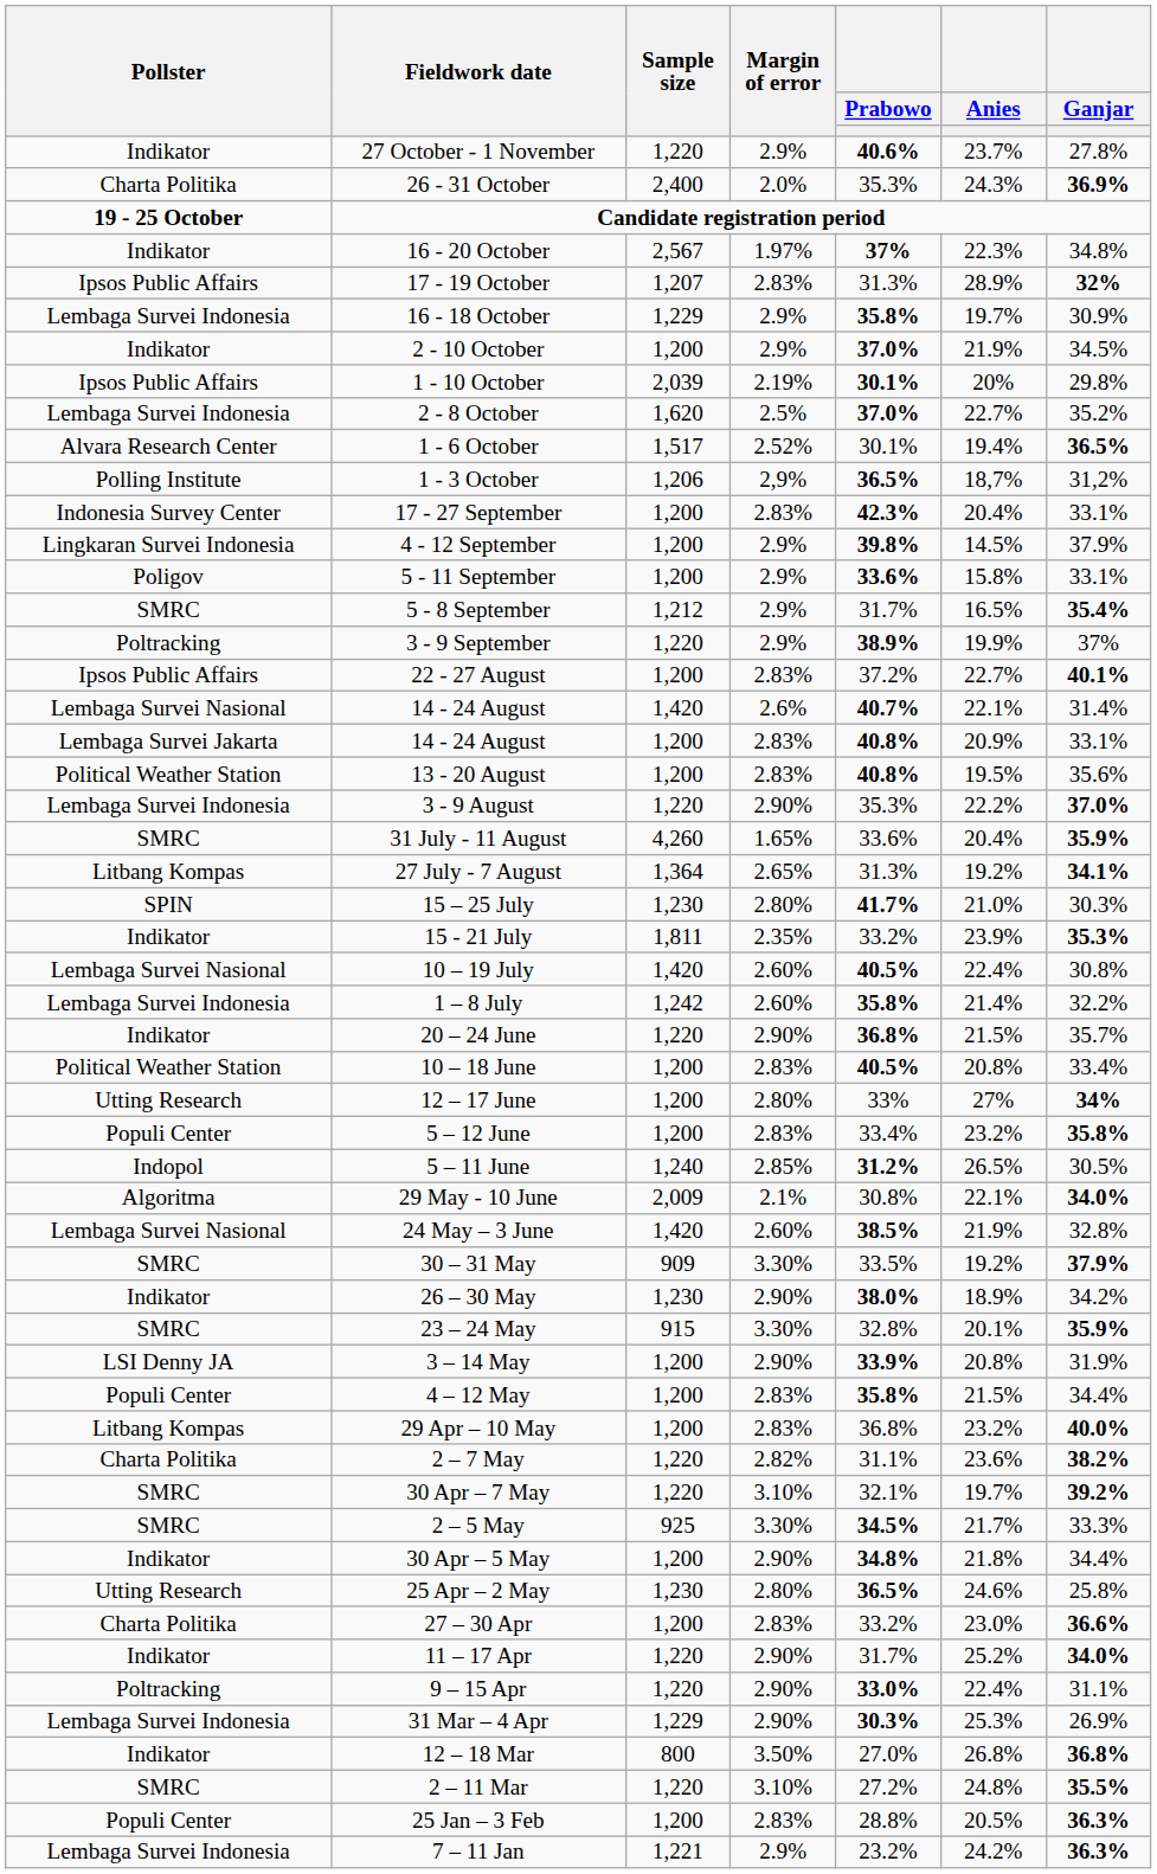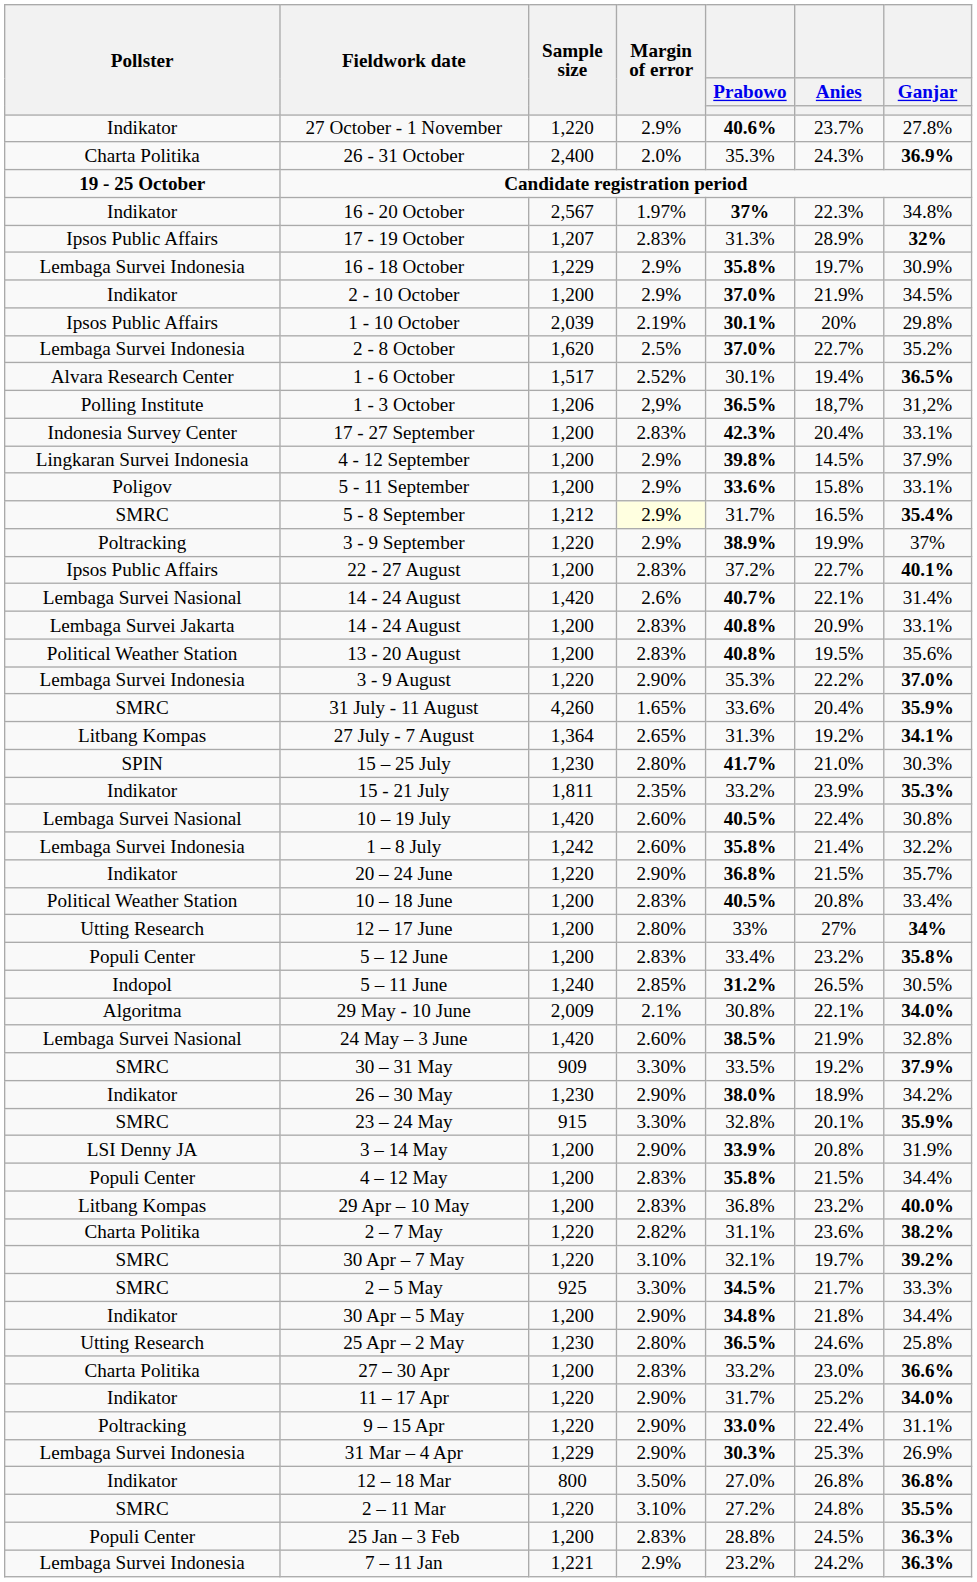 <table class="wikitable" style="text-align:center; font-size:90%; line-height:14px;">
 <tr style="height:55px; background-color:#E9E9E9">
 <th rowspan="3" style="width:200px;">Pollster</th>
 <th rowspan="3" style="width:180px;">Fieldwork date</th>
 <th rowspan="3" style="width:60px;">Sample size</th>
 <th rowspan="3" style="width:60px;">Margin of error</th>
 <th style="width:60px;"></th>
 <th style="width:60px;"></th>
 <th style="width:60px;"></th>
 </tr>
 <tr>
 <th><a href='#'>Prabowo</a> <br></th>
 <th><a href='#'>Anies</a> <br></th>
 <th><a href='#'>Ganjar</a> <br></th>
 </tr>
 <tr>
 <th class="unsortable" style="color:inherit;background:"></th>
 <th class="unsortable" style="color:inherit;background:"></th>
 <th class="unsortable" style="color:inherit;background:"></th>
 </tr>
 <tr>
 <td>Indikator</td>
 <td>27 October - 1 November</td>
 <td>1,220</td>
 <td>2.9%</td>
 <td style="background-color:#"><strong>40.6%</strong> </td>
 <td>23.7% </td>
 <td>27.8% </td>
 </tr>
 <tr>
 <td>Charta Politika</td>
 <td>26 - 31 October</td>
 <td>2,400</td>
 <td>2.0%</td>
 <td>35.3% </td>
 <td>24.3% </td>
 <td style="background-color:#"><strong>36.9%</strong> </td>
 </tr>
 <tr>
 <td><strong>19 - 25 October</strong></td>
 <td colspan="6"><strong>Candidate registration period</strong></td>
 </tr>
 <tr>
 <td>Indikator</td>
 <td>16 - 20 October</td>
 <td>2,567</td>
 <td>1.97%</td>
 <td style="background-color:#"><strong>37%</strong> </td>
 <td>22.3% </td>
 <td>34.8% </td>
 </tr>
 <tr>
 <td>Ipsos Public Affairs</td>
 <td>17 - 19 October</td>
 <td>1,207</td>
 <td>2.83%</td>
 <td>31.3% </td>
 <td>28.9% </td>
 <td style="background-color:#"><strong>32%</strong></td>
 </tr>
 <tr>
 <td>Lembaga Survei Indonesia</td>
 <td>16 - 18 October</td>
 <td>1,229</td>
 <td>2.9%</td>
 <td style="background-color:#"><strong>35.8%</strong> </td>
 <td>19.7% </td>
 <td>30.9% </td>
 </tr>
 <tr>
 <td>Indikator</td>
 <td>2 - 10 October</td>
 <td>1,200</td>
 <td>2.9%</td>
 <td style="background-color:#"><strong>37.0%</strong> </td>
 <td>21.9% </td>
 <td>34.5% </td>
 </tr>
 <tr>
 <td>Ipsos Public Affairs</td>
 <td>1 - 10 October</td>
 <td>2,039</td>
 <td>2.19%</td>
 <td style="background-color:#"><strong>30.1%</strong> </td>
 <td>20% </td>
 <td>29.8% </td>
 </tr>
 <tr>
 <td>Lembaga Survei Indonesia</td>
 <td>2 - 8 October</td>
 <td>1,620</td>
 <td>2.5%</td>
 <td style="background-color:#"><strong>37.0%</strong> </td>
 <td>22.7% </td>
 <td>35.2% </td>
 </tr>
 <tr>
 <td>Alvara Research Center</td>
 <td>1 - 6 October</td>
 <td>1,517</td>
 <td>2.52%</td>
 <td>30.1% </td>
 <td>19.4% </td>
 <td style="background-color:#"><strong>36.5%</strong></td>
 </tr>
 <tr>
 <td>Polling Institute</td>
 <td>1 - 3 October</td>
 <td>1,206</td>
 <td>2,9%</td>
 <td style="background-color:#"><strong>36.5%</strong> </td>
 <td>18,7% </td>
 <td>31,2% </td>
 </tr>
 <tr>
 <td>Indonesia Survey Center</td>
 <td>17 - 27 September</td>
 <td>1,200</td>
 <td>2.83%</td>
 <td style="background-color:#"><strong>42.3%</strong> </td>
 <td>20.4% </td>
 <td>33.1% </td>
 </tr>
 <tr>
 <td>Lingkaran Survei Indonesia</td>
 <td>4 - 12 September</td>
 <td>1,200</td>
 <td>2.9%</td>
 <td style="background-color:#"><strong>39.8%</strong> </td>
 <td>14.5% </td>
 <td>37.9% </td>
 </tr>
 <tr>
 <td>Poligov</td>
 <td>5 - 11 September</td>
 <td>1,200</td>
 <td>2.9%</td>
 <td style="background-color:#"><strong>33.6%</strong> </td>
 <td>15.8% </td>
 <td>33.1% </td>
 </tr>
 <tr>
 <td>SMRC</td>
 <td>5 - 8 September</td>
 <td>1,212</td>
-<td>2.9%</td>
+<td style="background: lightyellow;">2.9%</td>
 <td>31.7% </td>
 <td>16.5% </td>
 <td style="background-color:#"><strong>35.4%</strong> </td>
 </tr>
 <tr>
 <td>Poltracking</td>
 <td>3 - 9 September</td>
 <td>1,220</td>
 <td>2.9%</td>
 <td style="background-color:#"><strong>38.9%</strong> </td>
 <td>19.9% </td>
 <td>37% </td>
 </tr>
 <tr>
 <td>Ipsos Public Affairs</td>
 <td>22 - 27 August</td>
 <td>1,200</td>
 <td>2.83%</td>
 <td>37.2% </td>
 <td>22.7% </td>
 <td style="background-color:#"><strong>40.1%</strong> </td>
 </tr>
 <tr>
 <td>Lembaga Survei Nasional</td>
 <td>14 - 24 August</td>
 <td>1,420</td>
 <td>2.6%</td>
 <td style="background-color:#"><strong>40.7%</strong> </td>
 <td>22.1% </td>
 <td>31.4% </td>
 </tr>
 <tr>
 <td>Lembaga Survei Jakarta</td>
 <td>14 - 24 August</td>
 <td>1,200</td>
 <td>2.83%</td>
 <td style="background-color:#"><strong>40.8%</strong> </td>
 <td>20.9% </td>
 <td>33.1% </td>
 </tr>
 <tr>
 <td>Political Weather Station</td>
 <td>13 - 20 August</td>
 <td>1,200</td>
 <td>2.83%</td>
 <td style="background-color:#"><strong>40.8%</strong> </td>
 <td>19.5% </td>
 <td>35.6% </td>
 </tr>
 <tr>
 <td>Lembaga Survei Indonesia</td>
 <td>3 - 9 August</td>
 <td>1,220</td>
 <td>2.90%</td>
 <td>35.3% </td>
 <td>22.2% </td>
 <td style="background-color:#"><strong>37.0%</strong> </td>
 </tr>
 <tr>
 <td>SMRC</td>
 <td>31 July - 11 August</td>
 <td>4,260</td>
 <td>1.65%</td>
 <td>33.6% </td>
 <td>20.4% </td>
 <td style="background-color:#"><strong>35.9%</strong> </td>
 </tr>
 <tr>
 <td>Litbang Kompas</td>
 <td>27 July - 7 August</td>
 <td>1,364</td>
 <td>2.65%</td>
 <td>31.3% </td>
 <td>19.2% </td>
 <td style="background-color:#"><strong>34.1%</strong> </td>
 </tr>
 <tr>
 <td>SPIN</td>
 <td>15 – 25 July</td>
 <td>1,230</td>
 <td>2.80%</td>
 <td style="background-color:#"><strong>41.7%</strong> </td>
 <td>21.0% </td>
 <td>30.3% </td>
 </tr>
 <tr>
 <td>Indikator</td>
 <td>15 - 21 July</td>
 <td>1,811</td>
 <td>2.35%</td>
 <td>33.2% </td>
 <td>23.9% </td>
 <td style="background-color:#"><strong>35.3%</strong> </td>
 </tr>
 <tr>
 <td>Lembaga Survei Nasional</td>
 <td>10 – 19 July</td>
 <td>1,420</td>
 <td>2.60%</td>
 <td style="background-color:#"><strong>40.5%</strong> </td>
 <td>22.4% </td>
 <td>30.8% </td>
 </tr>
 <tr>
 <td>Lembaga Survei Indonesia</td>
 <td>1 – 8 July</td>
 <td>1,242</td>
 <td>2.60%</td>
 <td style="background-color:#"><strong>35.8%</strong> </td>
 <td>21.4% </td>
 <td>32.2% </td>
 </tr>
 <tr>
 <td>Indikator</td>
 <td>20 – 24 June</td>
 <td>1,220</td>
 <td>2.90%</td>
 <td style="background-color:#"><strong>36.8%</strong></td>
 <td>21.5%</td>
 <td>35.7%</td>
 </tr>
 <tr>
 <td>Political Weather Station</td>
 <td>10 – 18 June</td>
 <td>1,200</td>
 <td>2.83%</td>
 <td style="background-color:#"><strong>40.5%</strong> </td>
 <td>20.8% </td>
 <td>33.4% </td>
 </tr>
 <tr>
 <td>Utting Research</td>
 <td>12 – 17 June</td>
 <td>1,200</td>
 <td>2.80%</td>
 <td>33%</td>
 <td>27% </td>
 <td style="background-color:#"><strong>34%</strong> </td>
 </tr>
 <tr>
 <td>Populi Center</td>
 <td>5 – 12 June</td>
 <td>1,200</td>
 <td>2.83%</td>
 <td>33.4% </td>
 <td>23.2% </td>
 <td style="background-color:#"><strong>35.8%</strong> </td>
 </tr>
 <tr>
 <td>Indopol</td>
 <td>5 – 11 June</td>
 <td>1,240</td>
 <td>2.85%</td>
 <td style="background-color:#"><strong>31.2%</strong> </td>
 <td>26.5% </td>
 <td>30.5% </td>
 </tr>
 <tr>
 <td>Algoritma</td>
 <td>29 May - 10 June</td>
 <td>2,009</td>
 <td>2.1%</td>
 <td>30.8% </td>
 <td>22.1% </td>
 <td style="background-color:#"><strong>34.0%</strong> </td>
 </tr>
 <tr>
 <td>Lembaga Survei Nasional</td>
 <td>24 May – 3 June</td>
 <td>1,420</td>
 <td>2.60%</td>
 <td style="background-color:#"><strong>38.5%</strong> </td>
 <td>21.9% </td>
 <td>32.8% </td>
 </tr>
 <tr>
 <td>SMRC</td>
 <td>30 – 31 May</td>
 <td>909</td>
 <td>3.30%</td>
 <td>33.5% </td>
 <td>19.2% </td>
 <td style="background-color:#"><strong>37.9%</strong> </td>
 </tr>
 <tr>
 <td>Indikator</td>
 <td>26 – 30 May</td>
 <td>1,230</td>
 <td>2.90%</td>
 <td style="background-color:#"><strong>38.0%</strong></td>
 <td>18.9%</td>
 <td>34.2%</td>
 </tr>
 <tr>
 <td>SMRC</td>
 <td>23 – 24 May</td>
 <td>915</td>
 <td>3.30%</td>
 <td>32.8% </td>
 <td>20.1% </td>
 <td style="background-color:#"><strong>35.9%</strong> </td>
 </tr>
 <tr>
 <td>LSI Denny JA</td>
 <td>3 – 14 May</td>
 <td>1,200</td>
 <td>2.90%</td>
 <td style="background-color:#"><strong>33.9%</strong></td>
 <td>20.8%</td>
 <td>31.9%</td>
 </tr>
 <tr>
 <td>Populi Center</td>
 <td>4 – 12 May</td>
 <td>1,200</td>
 <td>2.83%</td>
 <td style="background-color:#"><strong>35.8%</strong></td>
 <td>21.5%</td>
 <td>34.4%</td>
 </tr>
 <tr>
 <td>Litbang Kompas</td>
 <td>29 Apr – 10 May</td>
 <td>1,200</td>
 <td>2.83%</td>
 <td>36.8%</td>
 <td>23.2%</td>
 <td style="background-color:#"><strong>40.0%</strong></td>
 </tr>
 <tr>
 <td>Charta Politika</td>
 <td>2 – 7 May</td>
 <td>1,220</td>
 <td>2.82%</td>
 <td>31.1%</td>
 <td>23.6%</td>
 <td style="background-color:#"><strong>38.2%</strong></td>
 </tr>
 <tr>
 <td>SMRC</td>
 <td>30 Apr – 7 May</td>
 <td>1,220</td>
 <td>3.10%</td>
 <td>32.1% </td>
 <td>19.7% </td>
 <td style="background-color:#"><strong>39.2%</strong> </td>
 </tr>
 <tr>
 <td>SMRC</td>
 <td>2 – 5 May</td>
 <td>925</td>
 <td>3.30%</td>
 <td style="background-color:#"><strong>34.5%</strong> </td>
 <td>21.7% </td>
 <td>33.3% </td>
 </tr>
 <tr>
 <td>Indikator</td>
 <td>30 Apr – 5 May</td>
 <td>1,200</td>
 <td>2.90%</td>
 <td style="background-color:#"><strong>34.8%</strong></td>
 <td>21.8%</td>
 <td>34.4%</td>
 </tr>
 <tr>
 <td>Utting Research</td>
 <td>25 Apr – 2 May</td>
 <td>1,230</td>
 <td>2.80%</td>
 <td style="background-color:#"><strong>36.5%</strong> </td>
 <td>24.6% </td>
 <td>25.8% </td>
 </tr>
 <tr>
 <td>Charta Politika</td>
 <td>27 – 30 Apr</td>
 <td>1,200</td>
 <td>2.83%</td>
 <td>33.2%</td>
 <td>23.0%</td>
 <td style="background-color:#"><strong>36.6%</strong></td>
 </tr>
 <tr>
 <td>Indikator</td>
 <td>11 – 17 Apr</td>
 <td>1,220</td>
 <td>2.90%</td>
 <td>31.7%</td>
 <td>25.2%</td>
 <td style="background-color:#"><strong>34.0%</strong></td>
 </tr>
 <tr>
 <td>Poltracking</td>
 <td>9 – 15 Apr</td>
 <td>1,220</td>
 <td>2.90%</td>
 <td style="background-color:#"><strong>33.0%</strong></td>
 <td>22.4%</td>
 <td>31.1%</td>
 </tr>
 <tr>
 <td>Lembaga Survei Indonesia</td>
 <td>31 Mar – 4 Apr</td>
 <td>1,229</td>
 <td>2.90%</td>
 <td style="background-color:#"><strong>30.3%</strong></td>
 <td>25.3%</td>
 <td>26.9%</td>
 </tr>
 <tr>
 <td>Indikator</td>
 <td>12 – 18 Mar</td>
 <td>800</td>
 <td>3.50%</td>
 <td>27.0%</td>
 <td>26.8%</td>
 <td style="background-color:#"><strong>36.8%</strong></td>
 </tr>
 <tr>
 <td>SMRC</td>
 <td>2 – 11 Mar</td>
 <td>1,220</td>
 <td>3.10%</td>
 <td>27.2%</td>
 <td>24.8%</td>
 <td style="background-color:#"><strong>35.5%</strong></td>
 </tr>
 <tr>
 <td>Populi Center</td>
 <td>25 Jan – 3 Feb</td>
 <td>1,200</td>
 <td>2.83%</td>
 <td>28.8%</td>
-<td>20.5%</td>
+<td>24.5%</td>
 <td style="background-color:#"><strong>36.3%</strong></td>
 </tr>
 <tr>
 <td>Lembaga Survei Indonesia</td>
 <td>7 – 11 Jan</td>
 <td>1,221</td>
 <td>2.9%</td>
 <td>23.2%</td>
 <td>24.2%</td>
 <td style="background-color:#"><strong>36.3%</strong></td>
 </tr>
 </table>
